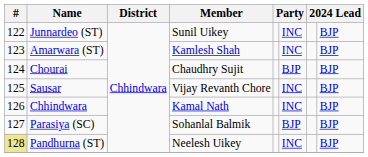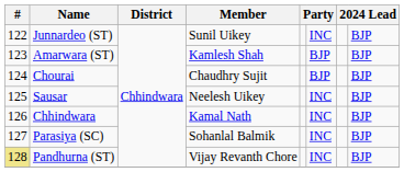 <table class="wikitable">
 <tr>
 <th>#</th>
 <th>Name</th>
 <th>District</th>
 <th>Member</th>
 <th colspan="2">Party</th>
 <th colspan="2">2024 Lead</th>
 </tr>
 <tr>
 <td>122</td>
 <td><a href='#'>Junnardeo</a> (ST)</td>
 <td rowspan="7"><a href='#'>Chhindwara</a></td>
 <td>Sunil Uikey</td>
 <td style="background-color: "></td>
 <td><a href='#'>INC</a></td>
 <td style="background-color: "></td>
 <td><a href='#'>BJP</a></td>
 </tr>
 <tr>
 <td>123</td>
 <td><a href='#'>Amarwara</a> (ST)</td>
 <td><a href='#'>Kamlesh Shah</a></td>
 <td style="background-color: "></td>
-<td><a href='#'>INC</a></td>
+<td><a href='#'>BJP</a></td>
 <td style="background-color: "></td>
 <td><a href='#'>BJP</a></td>
 </tr>
 <tr>
 <td>124</td>
 <td><a href='#'>Chourai</a></td>
 <td>Chaudhry Sujit</td>
 <td style="background-color: "></td>
 <td><a href='#'>BJP</a></td>
 <td style="background-color: "></td>
 <td><a href='#'>BJP</a></td>
 </tr>
 <tr>
 <td>125</td>
 <td><a href='#'>Sausar</a></td>
-<td>Vijay Revanth Chore</td>
+<td>Neelesh Uikey</td>
 <td style="background-color: "></td>
 <td><a href='#'>INC</a></td>
 <td style="background-color: "></td>
 <td><a href='#'>BJP</a></td>
 </tr>
 <tr>
 <td>126</td>
 <td><a href='#'>Chhindwara</a></td>
 <td><a href='#'>Kamal Nath</a></td>
 <td style="background-color: "></td>
 <td><a href='#'>INC</a></td>
 <td style="background-color: "></td>
 <td><a href='#'>BJP</a></td>
 </tr>
 <tr>
 <td>127</td>
 <td><a href='#'>Parasiya</a> (SC)</td>
 <td>Sohanlal Balmik</td>
 <td style="background-color: "></td>
-<td><a href='#'>BJP</a></td>
+<td><a href='#'>INC</a></td>
 <td style="background-color: "></td>
 <td><a href='#'>BJP</a></td>
 </tr>
 <tr>
 <td style="background: khaki;">128</td>
 <td><a href='#'>Pandhurna</a> (ST)</td>
-<td>Neelesh Uikey</td>
+<td>Vijay Revanth Chore</td>
 <td style="background-color: "></td>
 <td><a href='#'>INC</a></td>
 <td style="background-color: "></td>
 <td><a href='#'>BJP</a></td>
 </tr>
 <tr>
 </tr>
 </table>
